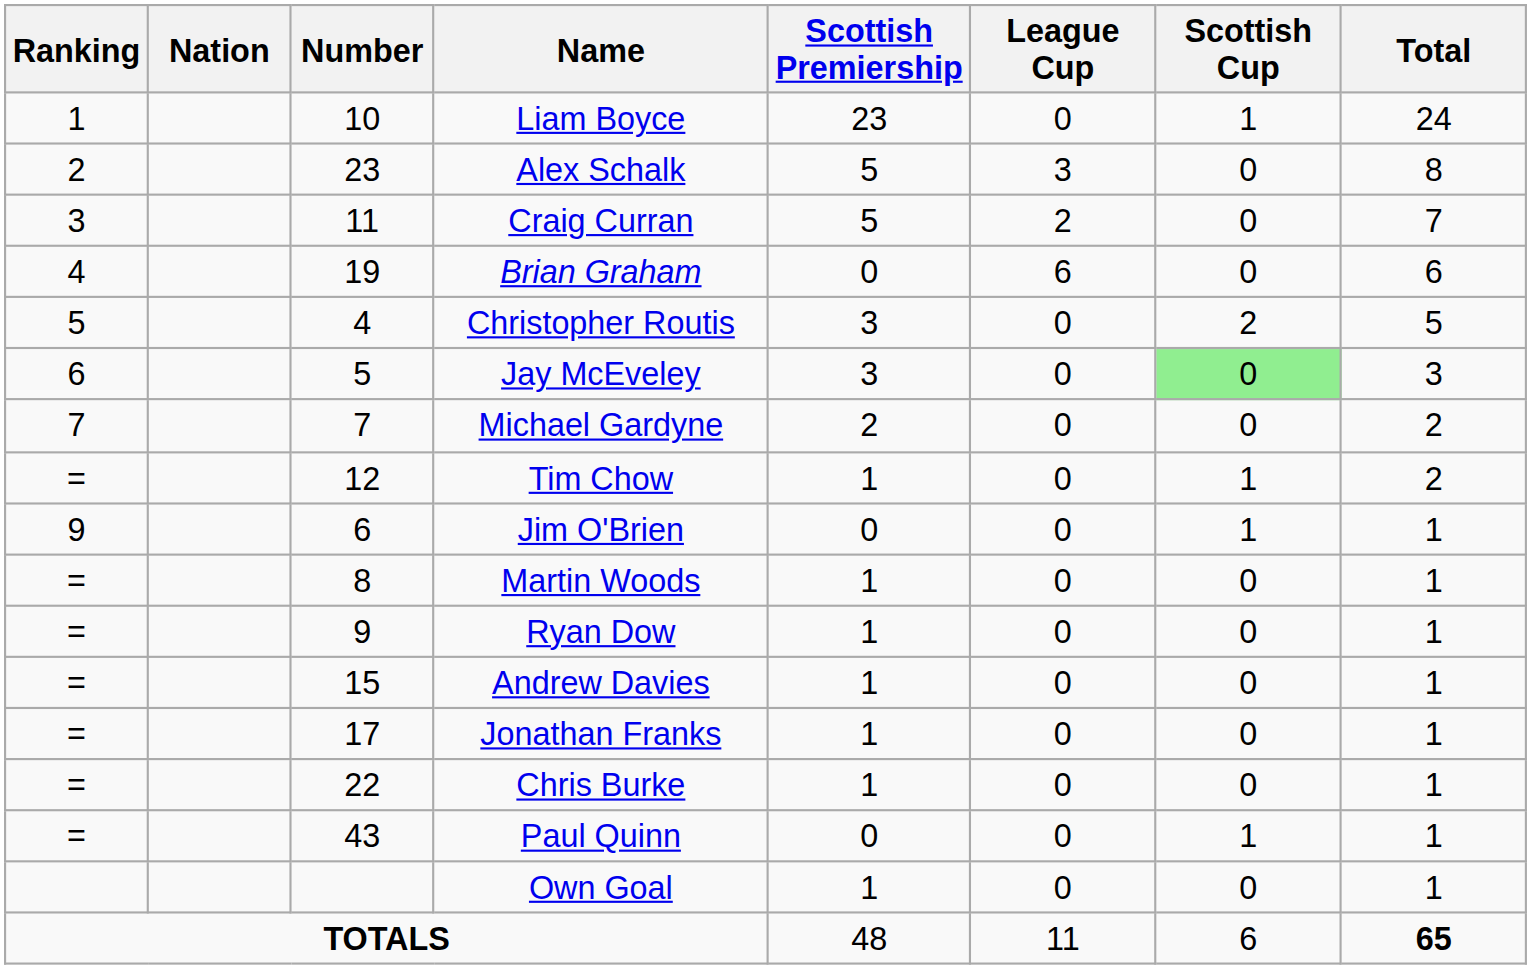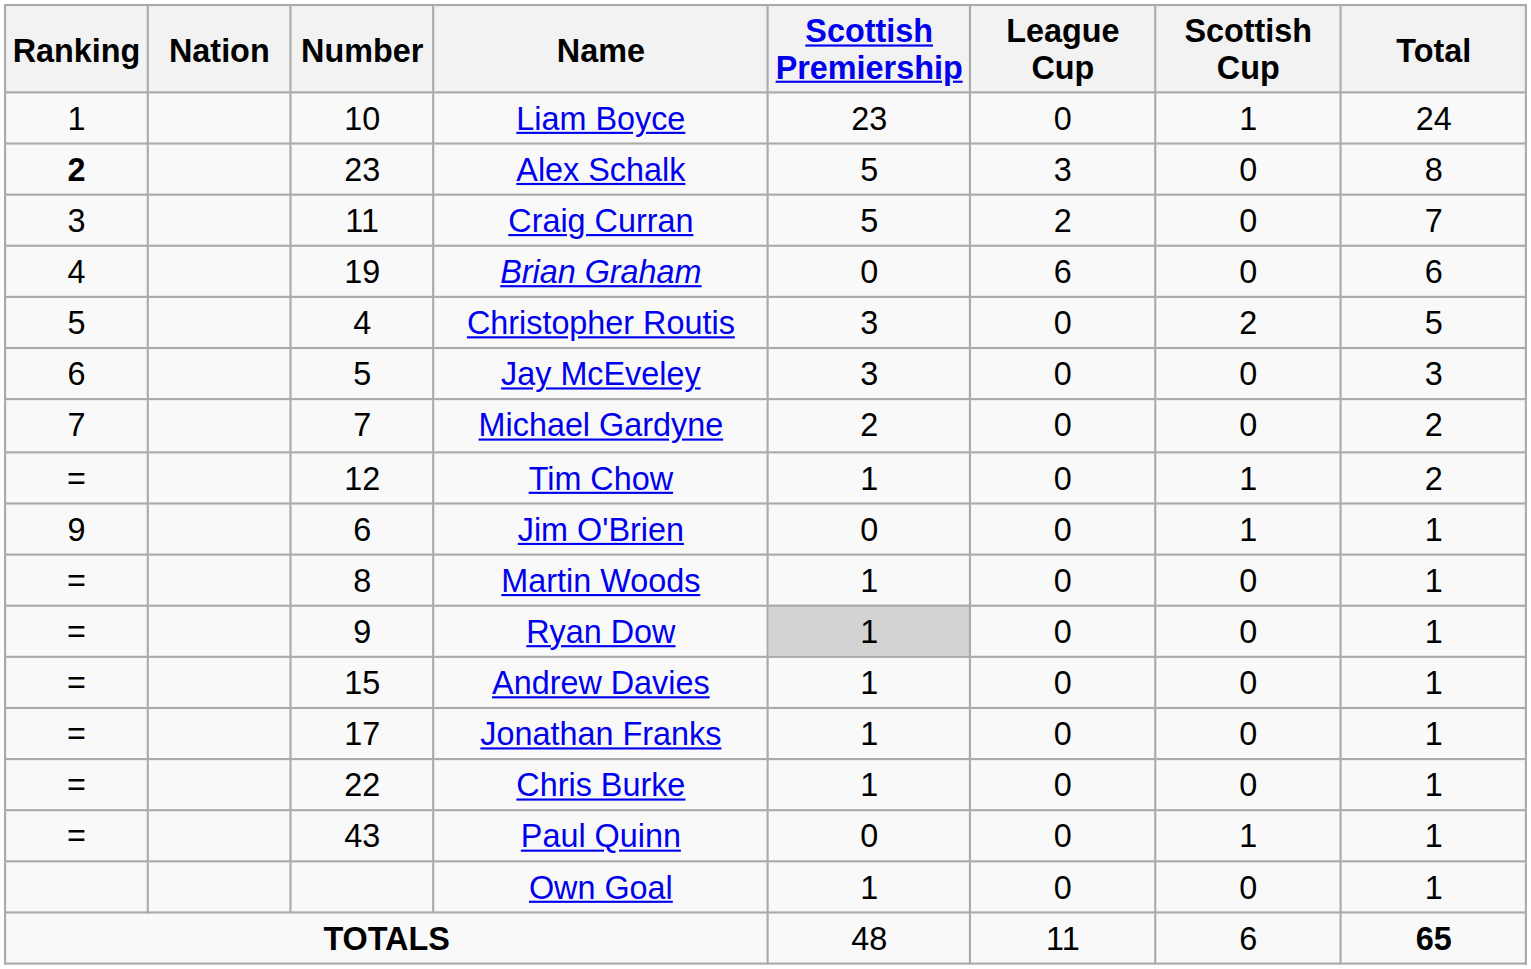 <table class="wikitable" style="font-size: 95%; text-align: center;">
 <tr>
 <th width=60>Ranking</th>
 <th width=60>Nation</th>
 <th width=60>Number</th>
 <th width=150>Name</th>
 <th width=80><a href='#'>Scottish Premiership</a></th>
 <th width=80>League Cup</th>
 <th width=80>Scottish Cup</th>
 <th width=80>Total</th>
 </tr>
 <tr>
 <td>1</td>
 <td></td>
 <td>10</td>
 <td><a href='#'>Liam Boyce</a></td>
 <td>23</td>
 <td>0</td>
 <td>1</td>
 <td>24</td>
 </tr>
 <tr>
-<td>2</td>
+<td><strong>2</strong></td>
 <td></td>
 <td>23</td>
 <td><a href='#'>Alex Schalk</a></td>
 <td>5</td>
 <td>3</td>
 <td>0</td>
 <td>8</td>
 </tr>
 <tr>
 <td>3</td>
 <td></td>
 <td>11</td>
 <td><a href='#'>Craig Curran</a></td>
 <td>5</td>
 <td>2</td>
 <td>0</td>
 <td>7</td>
 </tr>
 <tr>
 <td>4</td>
 <td></td>
 <td>19</td>
 <td><em><a href='#'>Brian Graham</a></em></td>
 <td>0</td>
 <td>6</td>
 <td>0</td>
 <td>6</td>
 </tr>
 <tr>
 <td>5</td>
 <td></td>
 <td>4</td>
 <td><a href='#'>Christopher Routis</a></td>
 <td>3</td>
 <td>0</td>
 <td>2</td>
 <td>5</td>
 </tr>
 <tr>
 <td>6</td>
 <td></td>
 <td>5</td>
 <td><a href='#'>Jay McEveley</a></td>
 <td>3</td>
 <td>0</td>
-<td style="background: lightgreen;">0</td>
+<td>0</td>
 <td>3</td>
 </tr>
 <tr>
 <td>7</td>
 <td></td>
 <td>7</td>
 <td><a href='#'>Michael Gardyne</a></td>
 <td>2</td>
 <td>0</td>
 <td>0</td>
 <td>2</td>
 </tr>
 <tr>
 <td>=</td>
 <td></td>
 <td>12</td>
 <td><a href='#'>Tim Chow</a></td>
 <td>1</td>
 <td>0</td>
 <td>1</td>
 <td>2</td>
 </tr>
 <tr>
 <td>9</td>
 <td></td>
 <td>6</td>
 <td><a href='#'>Jim O'Brien</a></td>
 <td>0</td>
 <td>0</td>
 <td>1</td>
 <td>1</td>
 </tr>
 <tr>
 <td>=</td>
 <td></td>
 <td>8</td>
 <td><a href='#'>Martin Woods</a></td>
 <td>1</td>
 <td>0</td>
 <td>0</td>
 <td>1</td>
 </tr>
 <tr>
 <td>=</td>
 <td></td>
 <td>9</td>
 <td><a href='#'>Ryan Dow</a></td>
-<td>1</td>
+<td style="background: lightgrey;">1</td>
 <td>0</td>
 <td>0</td>
 <td>1</td>
 </tr>
 <tr>
 <td>=</td>
 <td></td>
 <td>15</td>
 <td><a href='#'>Andrew Davies</a></td>
 <td>1</td>
 <td>0</td>
 <td>0</td>
 <td>1</td>
 </tr>
 <tr>
 <td>=</td>
 <td></td>
 <td>17</td>
 <td><a href='#'>Jonathan Franks</a></td>
 <td>1</td>
 <td>0</td>
 <td>0</td>
 <td>1</td>
 </tr>
 <tr>
 <td>=</td>
 <td></td>
 <td>22</td>
 <td><a href='#'>Chris Burke</a></td>
 <td>1</td>
 <td>0</td>
 <td>0</td>
 <td>1</td>
 </tr>
 <tr>
 <td>=</td>
 <td></td>
 <td>43</td>
 <td><a href='#'>Paul Quinn</a></td>
 <td>0</td>
 <td>0</td>
 <td>1</td>
 <td>1</td>
 </tr>
 <tr>
 <td></td>
 <td></td>
 <td></td>
 <td><a href='#'>Own Goal</a></td>
 <td>1</td>
 <td>0</td>
 <td>0</td>
 <td>1</td>
 </tr>
 <tr>
 <td colspan=4><strong>TOTALS</strong></td>
 <td>48</td>
 <td>11</td>
 <td>6</td>
 <td><strong>65</strong></td>
 </tr>
 </table>
